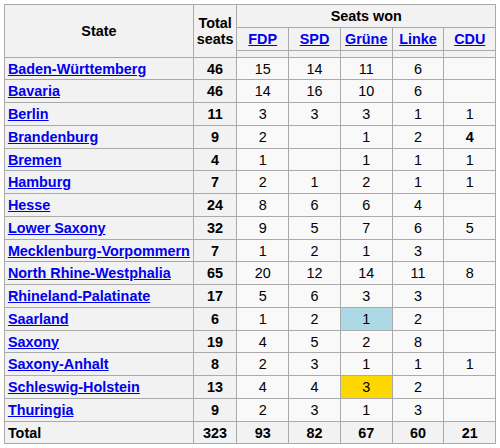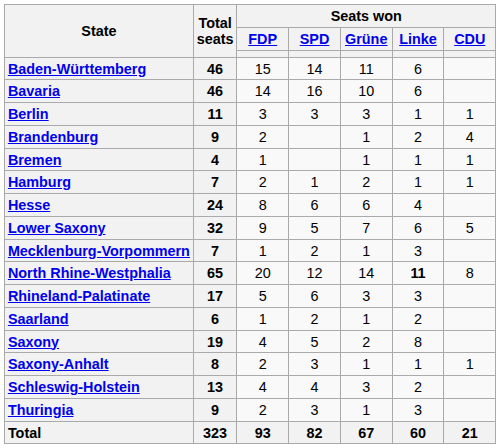 <table class="wikitable" style="text-align:center; font-size: 0.9em;">
 <tr>
 <th rowspan="3">State</th>
 <th rowspan="3">Total<br>seats</th>
 <th colspan="5">Seats won</th>
 </tr>
 <tr>
 <th class="unsortable" style="width:45px;"><a href='#'>FDP</a></th>
 <th class="unsortable" style="width:45px;"><a href='#'>SPD</a></th>
 <th class="unsortable" style="width:45px;"><a href='#'>Grüne</a></th>
 <th class="unsortable" style="width:45px;"><a href='#'>Linke</a></th>
 <th class="unsortable" style="width:45px;"><a href='#'>CDU</a></th>
 </tr>
 <tr>
 <th style="background:"></th>
 <th style="background:"></th>
 <th style="background:"></th>
 <th style="background:"></th>
 <th style="background:"></th>
 </tr>
 <tr>
 <th style="text-align: left;"><a href='#'>Baden-Württemberg</a></th>
 <th>46</th>
 <td>15</td>
 <td>14</td>
 <td>11</td>
 <td>6</td>
 <td></td>
 </tr>
 <tr>
 <th style="text-align: left;"><a href='#'>Bavaria</a></th>
 <th>46</th>
 <td>14</td>
 <td>16</td>
 <td>10</td>
 <td>6</td>
 <td></td>
 </tr>
 <tr>
 <th style="text-align: left;"><a href='#'>Berlin</a></th>
 <th>11</th>
 <td>3</td>
 <td>3</td>
 <td>3</td>
 <td>1</td>
 <td>1</td>
 </tr>
 <tr>
 <th style="text-align: left;"><a href='#'>Brandenburg</a></th>
 <th>9</th>
 <td>2</td>
 <td></td>
 <td>1</td>
 <td>2</td>
-<td><strong>4</strong></td>
+<td>4</td>
 </tr>
 <tr>
 <th style="text-align: left;"><a href='#'>Bremen</a></th>
 <th>4</th>
 <td>1</td>
 <td></td>
 <td>1</td>
 <td>1</td>
 <td>1</td>
 </tr>
 <tr>
 <th style="text-align: left;"><a href='#'>Hamburg</a></th>
 <th>7</th>
 <td>2</td>
 <td>1</td>
 <td>2</td>
 <td>1</td>
 <td>1</td>
 </tr>
 <tr>
 <th style="text-align: left;"><a href='#'>Hesse</a></th>
 <th>24</th>
 <td>8</td>
 <td>6</td>
 <td>6</td>
 <td>4</td>
 <td></td>
 </tr>
 <tr>
 <th style="text-align: left;"><a href='#'>Lower Saxony</a></th>
 <th>32</th>
 <td>9</td>
 <td>5</td>
 <td>7</td>
 <td>6</td>
 <td>5</td>
 </tr>
 <tr>
 <th style="text-align: left;"><a href='#'>Mecklenburg-Vorpommern</a></th>
 <th>7</th>
 <td>1</td>
 <td>2</td>
 <td>1</td>
 <td>3</td>
 <td></td>
 </tr>
 <tr>
 <th style="text-align: left;"><a href='#'>North Rhine-Westphalia</a></th>
 <th>65</th>
 <td>20</td>
 <td>12</td>
 <td>14</td>
-<td>11</td>
+<td><strong>11</strong></td>
 <td>8</td>
 </tr>
 <tr class="sortbottom">
 <th style="text-align: left;"><a href='#'>Rhineland-Palatinate</a></th>
 <th>17</th>
 <td>5</td>
 <td>6</td>
 <td>3</td>
 <td>3</td>
 <td></td>
 </tr>
 <tr>
 <th style="text-align: left;"><a href='#'>Saarland</a></th>
 <th>6</th>
 <td>1</td>
 <td>2</td>
-<td style="background: lightblue;">1</td>
+<td>1</td>
 <td>2</td>
 <td></td>
 </tr>
 <tr>
 <th style="text-align: left;"><a href='#'>Saxony</a></th>
 <th>19</th>
 <td>4</td>
 <td>5</td>
 <td>2</td>
 <td>8</td>
 <td></td>
 </tr>
 <tr>
 <th style="text-align: left;"><a href='#'>Saxony-Anhalt</a></th>
 <th>8</th>
 <td>2</td>
 <td>3</td>
 <td>1</td>
 <td>1</td>
 <td>1</td>
 </tr>
 <tr>
 <th style="text-align: left;"><a href='#'>Schleswig-Holstein</a></th>
 <th>13</th>
 <td>4</td>
 <td>4</td>
-<td style="background: gold;">3</td>
+<td>3</td>
 <td>2</td>
 <td></td>
 </tr>
 <tr>
 <th style="text-align: left;"><a href='#'>Thuringia</a></th>
 <th>9</th>
 <td>2</td>
 <td>3</td>
 <td>1</td>
 <td>3</td>
 <td></td>
 </tr>
 <tr>
 <th style="text-align: left;">Total</th>
 <th>323</th>
 <th>93</th>
 <th>82</th>
 <th>67</th>
 <th>60</th>
 <th>21</th>
 </tr>
 </table>
